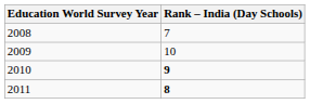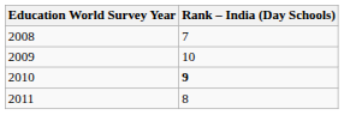 <table class="wikitable sortable">
 <tr>
 <th>Education World Survey Year</th>
 <th>Rank – India (Day Schools)</th>
 </tr>
 <tr>
 <td>2008</td>
 <td>7</td>
 </tr>
 <tr>
 <td>2009</td>
 <td>10</td>
 </tr>
 <tr>
 <td>2010</td>
 <td><strong>9</strong></td>
 </tr>
 <tr>
 <td>2011</td>
-<td><strong>8</strong></td>
+<td>8</td>
 </tr>
 </table>
